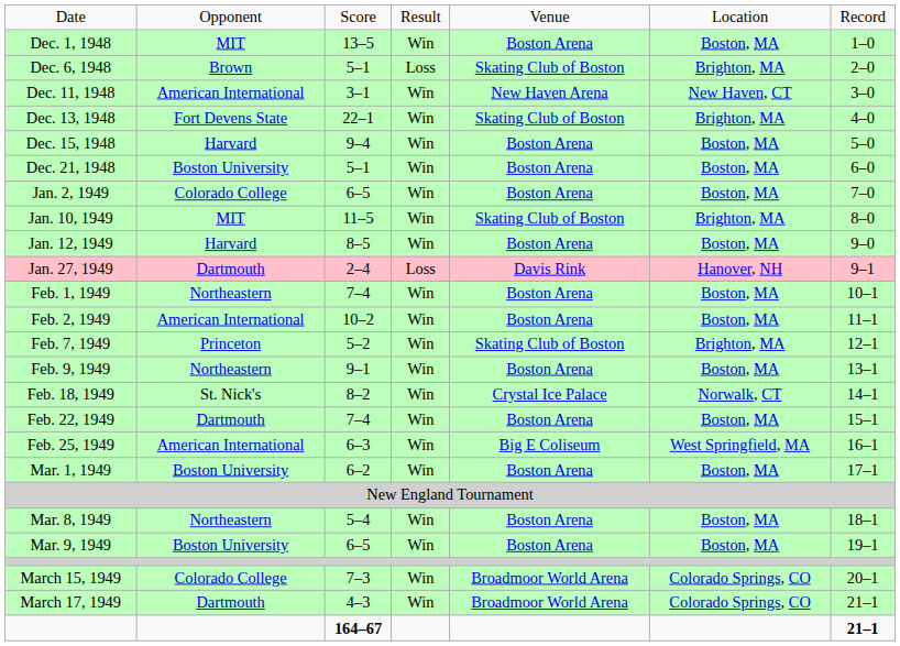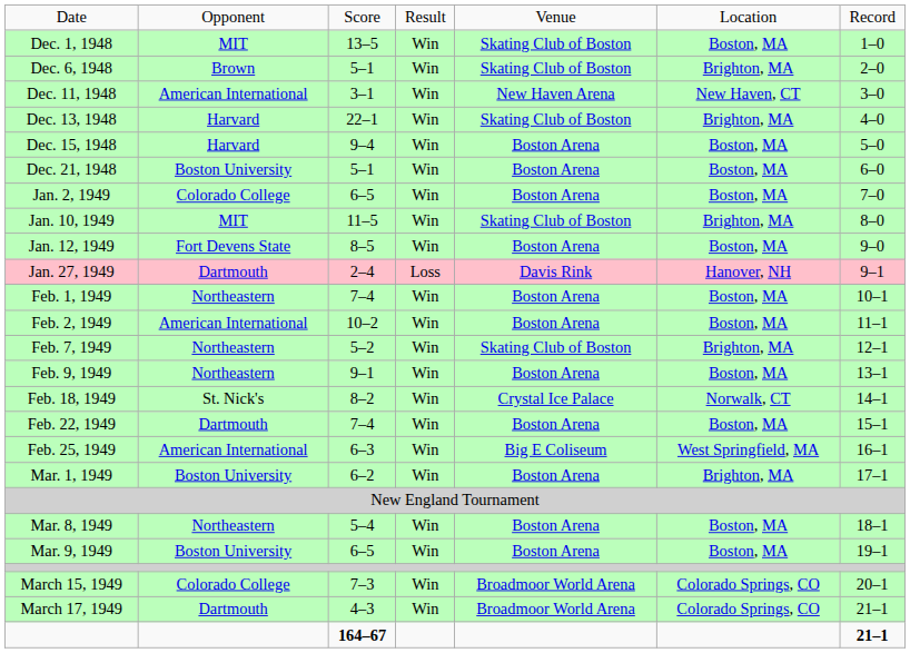 <table class="wikitable" width="900">
 <tr align="center"  style=>
 <td>Date</td>
 <td>Opponent</td>
 <td>Score</td>
 <td>Result</td>
 <td>Venue</td>
 <td>Location</td>
 <td>Record</td>
 </tr>
 <tr align="center" bgcolor="bbffbb">
 <td>Dec. 1, 1948</td>
 <td><a href='#'>MIT</a></td>
 <td>13–5</td>
 <td>Win</td>
-<td><a href='#'>Boston Arena</a></td>
+<td><a href='#'>Skating Club of Boston</a></td>
 <td><a href='#'>Boston</a>, <a href='#'>MA</a></td>
 <td>1–0</td>
 </tr>
 <tr align="center" bgcolor="bbffbb">
 <td>Dec. 6, 1948</td>
 <td><a href='#'>Brown</a></td>
 <td>5–1</td>
-<td>Loss</td>
+<td>Win</td>
 <td><a href='#'>Skating Club of Boston</a></td>
 <td><a href='#'>Brighton</a>, <a href='#'>MA</a></td>
 <td>2–0</td>
 </tr>
 <tr align="center" bgcolor="bbffbb">
 <td>Dec. 11, 1948</td>
 <td><a href='#'>American International</a></td>
 <td>3–1</td>
 <td>Win</td>
 <td><a href='#'>New Haven Arena</a></td>
 <td><a href='#'>New Haven</a>, <a href='#'>CT</a></td>
 <td>3–0</td>
 </tr>
 <tr align="center" bgcolor="bbffbb">
 <td>Dec. 13, 1948</td>
-<td><a href='#'>Fort Devens State</a></td>
+<td><a href='#'>Harvard</a></td>
 <td>22–1</td>
 <td>Win</td>
 <td><a href='#'>Skating Club of Boston</a></td>
 <td><a href='#'>Brighton</a>, <a href='#'>MA</a></td>
 <td>4–0</td>
 </tr>
 <tr align="center" bgcolor="bbffbb">
 <td>Dec. 15, 1948</td>
 <td><a href='#'>Harvard</a></td>
 <td>9–4</td>
 <td>Win</td>
 <td><a href='#'>Boston Arena</a></td>
 <td><a href='#'>Boston</a>, <a href='#'>MA</a></td>
 <td>5–0</td>
 </tr>
 <tr align="center" bgcolor="bbffbb">
 <td>Dec. 21, 1948</td>
 <td><a href='#'>Boston University</a></td>
 <td>5–1</td>
 <td>Win</td>
 <td><a href='#'>Boston Arena</a></td>
 <td><a href='#'>Boston</a>, <a href='#'>MA</a></td>
 <td>6–0</td>
 </tr>
 <tr align="center" bgcolor="bbffbb">
 <td>Jan. 2, 1949</td>
 <td><a href='#'>Colorado College</a></td>
 <td>6–5</td>
 <td>Win</td>
 <td><a href='#'>Boston Arena</a></td>
 <td><a href='#'>Boston</a>, <a href='#'>MA</a></td>
 <td>7–0</td>
 </tr>
 <tr align="center" bgcolor="bbffbb">
 <td>Jan. 10, 1949</td>
 <td><a href='#'>MIT</a></td>
 <td>11–5</td>
 <td>Win</td>
 <td><a href='#'>Skating Club of Boston</a></td>
 <td><a href='#'>Brighton</a>, <a href='#'>MA</a></td>
 <td>8–0</td>
 </tr>
 <tr align="center" bgcolor="bbffbb">
 <td>Jan. 12, 1949</td>
-<td><a href='#'>Harvard</a></td>
+<td><a href='#'>Fort Devens State</a></td>
 <td>8–5</td>
 <td>Win</td>
 <td><a href='#'>Boston Arena</a></td>
 <td><a href='#'>Boston</a>, <a href='#'>MA</a></td>
 <td>9–0</td>
 </tr>
 <tr align="center" bgcolor="pink">
 <td>Jan. 27, 1949</td>
 <td><a href='#'>Dartmouth</a></td>
 <td>2–4</td>
 <td>Loss</td>
 <td><a href='#'>Davis Rink</a></td>
 <td><a href='#'>Hanover</a>, <a href='#'>NH</a></td>
 <td>9–1</td>
 </tr>
 <tr align="center" bgcolor="bbffbb">
 <td>Feb. 1, 1949</td>
 <td><a href='#'>Northeastern</a></td>
 <td>7–4</td>
 <td>Win</td>
 <td><a href='#'>Boston Arena</a></td>
 <td><a href='#'>Boston</a>, <a href='#'>MA</a></td>
 <td>10–1</td>
 </tr>
 <tr align="center" bgcolor="bbffbb">
 <td>Feb. 2, 1949</td>
 <td><a href='#'>American International</a></td>
 <td>10–2</td>
 <td>Win</td>
 <td><a href='#'>Boston Arena</a></td>
 <td><a href='#'>Boston</a>, <a href='#'>MA</a></td>
 <td>11–1</td>
 </tr>
 <tr align="center" bgcolor="bbffbb">
 <td>Feb. 7, 1949</td>
-<td><a href='#'>Princeton</a></td>
+<td><a href='#'>Northeastern</a></td>
 <td>5–2</td>
 <td>Win</td>
 <td><a href='#'>Skating Club of Boston</a></td>
 <td><a href='#'>Brighton</a>, <a href='#'>MA</a></td>
 <td>12–1</td>
 </tr>
 <tr align="center" bgcolor="bbffbb">
 <td>Feb. 9, 1949</td>
 <td><a href='#'>Northeastern</a></td>
 <td>9–1</td>
 <td>Win</td>
 <td><a href='#'>Boston Arena</a></td>
 <td><a href='#'>Boston</a>, <a href='#'>MA</a></td>
 <td>13–1</td>
 </tr>
 <tr align="center" bgcolor="bbffbb">
 <td>Feb. 18, 1949</td>
 <td>St. Nick's</td>
 <td>8–2</td>
 <td>Win</td>
 <td><a href='#'>Crystal Ice Palace</a></td>
 <td><a href='#'>Norwalk</a>, <a href='#'>CT</a></td>
 <td>14–1</td>
 </tr>
 <tr align="center" bgcolor="bbffbb">
 <td>Feb. 22, 1949</td>
 <td><a href='#'>Dartmouth</a></td>
 <td>7–4</td>
 <td>Win</td>
 <td><a href='#'>Boston Arena</a></td>
 <td><a href='#'>Boston</a>, <a href='#'>MA</a></td>
 <td>15–1</td>
 </tr>
 <tr align="center" bgcolor="bbffbb">
 <td>Feb. 25, 1949</td>
 <td><a href='#'>American International</a></td>
 <td>6–3</td>
 <td>Win</td>
 <td><a href='#'>Big E Coliseum</a></td>
 <td><a href='#'>West Springfield</a>, <a href='#'>MA</a></td>
 <td>16–1</td>
 </tr>
 <tr align="center" bgcolor="bbffbb">
 <td>Mar. 1, 1949</td>
 <td><a href='#'>Boston University</a></td>
 <td>6–2</td>
 <td>Win</td>
 <td><a href='#'>Boston Arena</a></td>
-<td><a href='#'>Boston</a>, <a href='#'>MA</a></td>
+<td><a href='#'>Brighton</a>, <a href='#'>MA</a></td>
 <td>17–1</td>
 </tr>
 <tr align="center" bgcolor="#d0d0d0">
 <td colspan=7>New England Tournament</td>
 </tr>
 <tr align="center" bgcolor="bbffbb">
 <td>Mar. 8, 1949</td>
 <td><a href='#'>Northeastern</a></td>
 <td>5–4</td>
 <td>Win</td>
 <td><a href='#'>Boston Arena</a></td>
 <td><a href='#'>Boston</a>, <a href='#'>MA</a></td>
 <td>18–1</td>
 </tr>
 <tr align="center" bgcolor="bbffbb">
 <td>Mar. 9, 1949</td>
 <td><a href='#'>Boston University</a></td>
 <td>6–5</td>
 <td>Win</td>
 <td><a href='#'>Boston Arena</a></td>
 <td><a href='#'>Boston</a>, <a href='#'>MA</a></td>
 <td>19–1</td>
 </tr>
 <tr align="center" bgcolor="#d0d0d0">
 <td colspan=7><strong><a href='#'></a></strong></td>
 </tr>
 <tr align="center" bgcolor="bbffbb">
 <td>March 15, 1949</td>
 <td><a href='#'>Colorado College</a></td>
 <td>7–3</td>
 <td>Win</td>
 <td><a href='#'>Broadmoor World Arena</a></td>
 <td><a href='#'>Colorado Springs</a>, <a href='#'>CO</a></td>
 <td>20–1</td>
 </tr>
 <tr align="center" bgcolor="bbffbb">
 <td>March 17, 1949</td>
 <td><a href='#'>Dartmouth</a></td>
 <td>4–3</td>
 <td>Win</td>
 <td><a href='#'>Broadmoor World Arena</a></td>
 <td><a href='#'>Colorado Springs</a>, <a href='#'>CO</a></td>
 <td>21–1</td>
 </tr>
 <tr align="center" bgcolor="">
 <td></td>
 <td></td>
 <td><strong>164–67</strong></td>
 <td></td>
 <td></td>
 <td></td>
 <td><strong>21–1</strong></td>
 </tr>
 </table>
